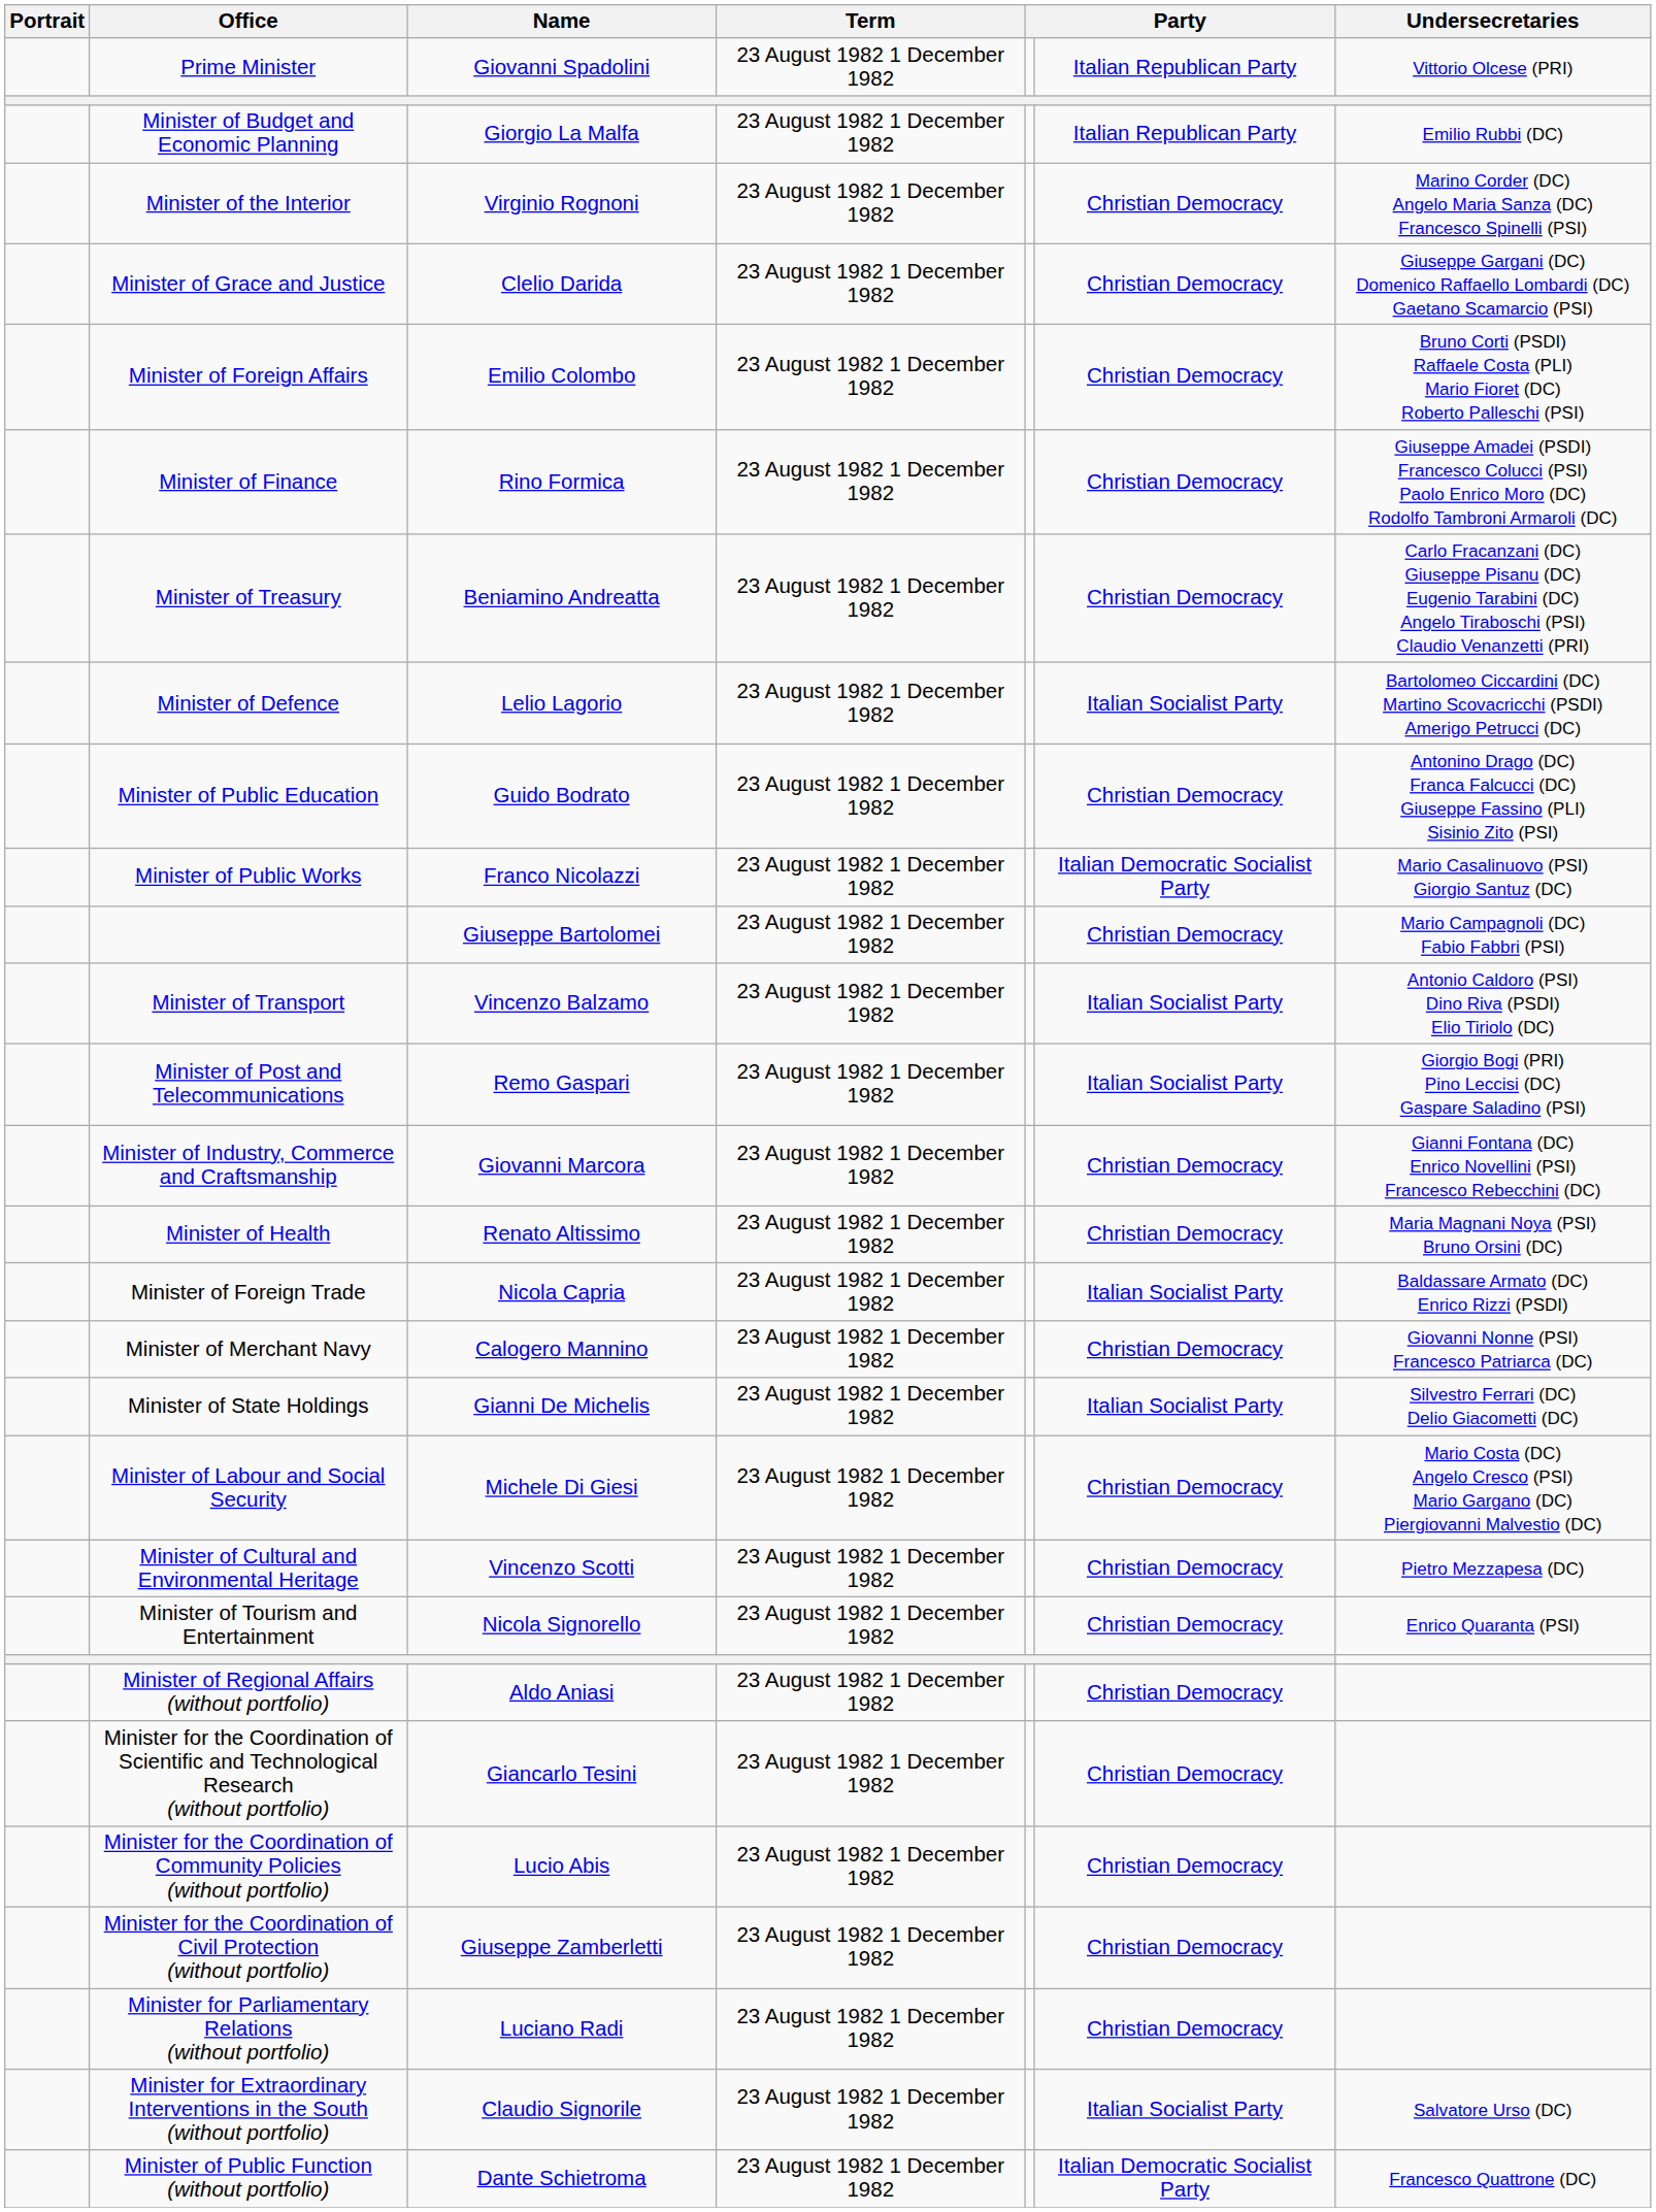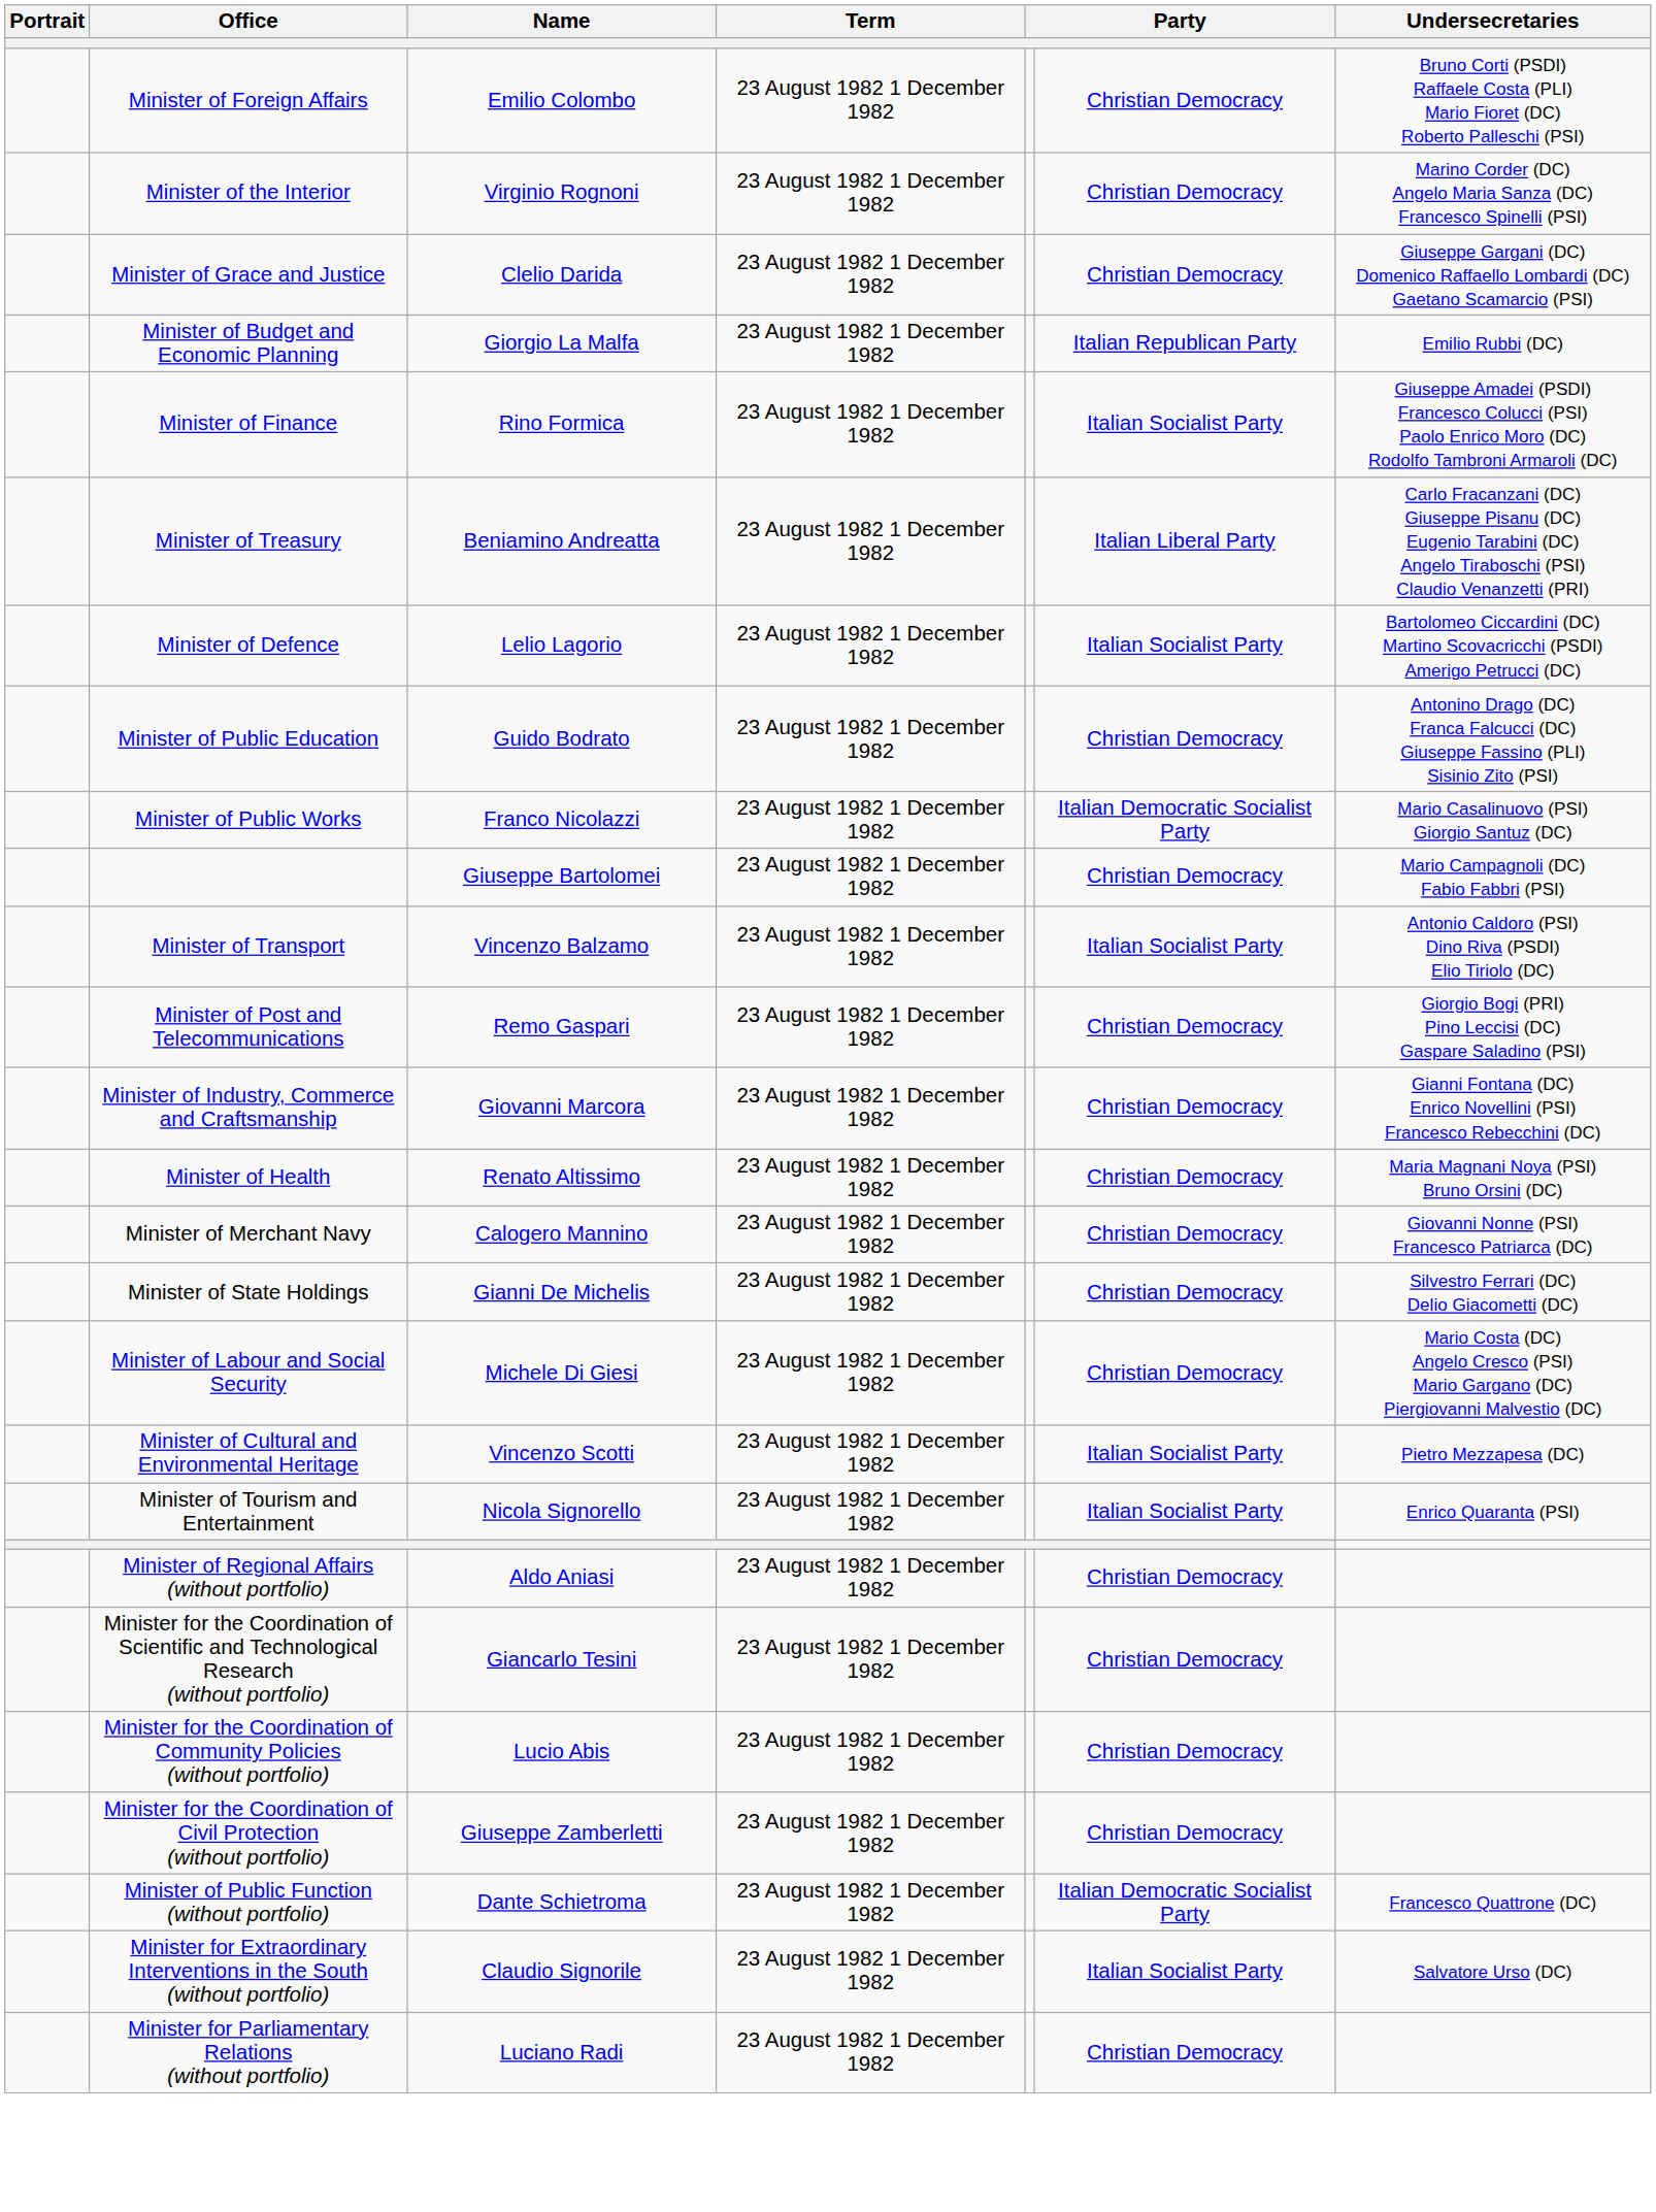 <table class="wikitable" style="text-align:center">
 <tr>
 <th>Portrait</th>
 <th width=20%>Office</th>
 <th width=20%>Name</th>
 <th width=20%>Term</th>
 <th width=20% colspan=2>Party</th>
 <th width=20%>Undersecretaries</th>
 </tr>
 <tr>
-<td></td>
-<td><a href='#'>Prime Minister</a></td>
-<td><a href='#'>Giovanni Spadolini</a></td>
-<td>23 August 1982  1 December 1982</td>
-<td style="background:"></td>
-<td><a href='#'>Italian Republican Party</a></td>
-<td><small><a href='#'>Vittorio Olcese</a> (PRI)</small></td>
-</tr>
-<tr>
 <th colspan="7"></th>
 </tr>
 <tr>
 <td></td>
-<td><a href='#'>Minister of Budget and Economic Planning</a></td>
-<td><a href='#'>Giorgio La Malfa</a></td>
+<td><a href='#'>Minister of Foreign Affairs</a></td>
+<td><a href='#'>Emilio Colombo</a></td>
 <td>23 August 1982  1 December 1982</td>
 <td style="background:"></td>
-<td><a href='#'>Italian Republican Party</a></td>
-<td><small><a href='#'>Emilio Rubbi</a> (DC)</small></td>
+<td><a href='#'>Christian Democracy</a></td>
+<td><small><a href='#'>Bruno Corti</a> (PSDI) <br> <a href='#'>Raffaele Costa</a> (PLI) <br> <a href='#'>Mario Fioret</a> (DC) <br> <a href='#'>Roberto Palleschi</a> (PSI)</small></td>
 </tr>
 <tr>
 <td></td>
 <td><a href='#'>Minister of the Interior</a></td>
 <td><a href='#'>Virginio Rognoni</a></td>
 <td>23 August 1982  1 December 1982</td>
 <td style="background:"></td>
 <td><a href='#'>Christian Democracy</a></td>
 <td><small><a href='#'>Marino Corder</a> (DC) <br> <a href='#'>Angelo Maria Sanza</a> (DC) <br> <a href='#'>Francesco Spinelli</a> (PSI)</small></td>
 </tr>
 <tr>
 <td></td>
 <td><a href='#'>Minister of Grace and Justice</a></td>
 <td><a href='#'>Clelio Darida</a></td>
 <td>23 August 1982  1 December 1982</td>
 <td style="background:"></td>
 <td><a href='#'>Christian Democracy</a></td>
 <td><small><a href='#'>Giuseppe Gargani</a> (DC) <br> <a href='#'>Domenico Raffaello Lombardi</a> (DC) <br> <a href='#'>Gaetano Scamarcio</a> (PSI)</small></td>
 </tr>
 <tr>
 <td></td>
-<td><a href='#'>Minister of Foreign Affairs</a></td>
-<td><a href='#'>Emilio Colombo</a></td>
+<td><a href='#'>Minister of Budget and Economic Planning</a></td>
+<td><a href='#'>Giorgio La Malfa</a></td>
 <td>23 August 1982  1 December 1982</td>
 <td style="background:"></td>
-<td><a href='#'>Christian Democracy</a></td>
-<td><small><a href='#'>Bruno Corti</a> (PSDI) <br> <a href='#'>Raffaele Costa</a> (PLI) <br> <a href='#'>Mario Fioret</a> (DC) <br> <a href='#'>Roberto Palleschi</a> (PSI)</small></td>
+<td><a href='#'>Italian Republican Party</a></td>
+<td><small><a href='#'>Emilio Rubbi</a> (DC)</small></td>
 </tr>
 <tr>
 <td></td>
 <td><a href='#'>Minister of Finance</a></td>
 <td><a href='#'>Rino Formica</a></td>
 <td>23 August 1982  1 December 1982</td>
 <td style="background:"></td>
-<td><a href='#'>Christian Democracy</a></td>
+<td><a href='#'>Italian Socialist Party</a></td>
 <td><small><a href='#'>Giuseppe Amadei</a> (PSDI) <br> <a href='#'>Francesco Colucci</a> (PSI) <br> <a href='#'>Paolo Enrico Moro</a> (DC) <br> <a href='#'>Rodolfo Tambroni Armaroli</a> (DC)</small></td>
 </tr>
 <tr>
 <td></td>
 <td><a href='#'>Minister of Treasury</a></td>
 <td><a href='#'>Beniamino Andreatta</a></td>
 <td>23 August 1982  1 December 1982</td>
 <td style="background:"></td>
-<td><a href='#'>Christian Democracy</a></td>
+<td><a href='#'>Italian Liberal Party</a></td>
 <td><small><a href='#'>Carlo Fracanzani</a> (DC) <br> <a href='#'>Giuseppe Pisanu</a> (DC) <br> <a href='#'>Eugenio Tarabini</a> (DC) <br> <a href='#'>Angelo Tiraboschi</a> (PSI) <br> <a href='#'>Claudio Venanzetti</a> (PRI)</small></td>
 </tr>
 <tr>
 <td></td>
 <td><a href='#'>Minister of Defence</a></td>
 <td><a href='#'>Lelio Lagorio</a></td>
 <td>23 August 1982  1 December 1982</td>
 <td style="background:"></td>
 <td><a href='#'>Italian Socialist Party</a></td>
 <td><small><a href='#'>Bartolomeo Ciccardini</a> (DC) <br> <a href='#'>Martino Scovacricchi</a> (PSDI) <br> <a href='#'>Amerigo Petrucci</a> (DC)</small></td>
 </tr>
 <tr>
 <td></td>
 <td><a href='#'>Minister of Public Education</a></td>
 <td><a href='#'>Guido Bodrato</a></td>
 <td>23 August 1982  1 December 1982</td>
 <td style="background:"></td>
 <td><a href='#'>Christian Democracy</a></td>
 <td><small><a href='#'>Antonino Drago</a> (DC) <br> <a href='#'>Franca Falcucci</a> (DC) <br> <a href='#'>Giuseppe Fassino</a> (PLI) <br> <a href='#'>Sisinio Zito</a> (PSI)</small></td>
 </tr>
 <tr>
 <td></td>
 <td><a href='#'>Minister of Public Works</a></td>
 <td><a href='#'>Franco Nicolazzi</a></td>
 <td>23 August 1982  1 December 1982</td>
 <td style="background:"></td>
 <td><a href='#'>Italian Democratic Socialist Party</a></td>
 <td><small><a href='#'>Mario Casalinuovo</a> (PSI) <br> <a href='#'>Giorgio Santuz</a> (DC)</small></td>
 </tr>
 <tr>
 <td></td>
 <td></td>
 <td><a href='#'>Giuseppe Bartolomei</a></td>
 <td>23 August 1982  1 December 1982</td>
 <td style="background:"></td>
 <td><a href='#'>Christian Democracy</a></td>
 <td><small><a href='#'>Mario Campagnoli</a> (DC) <br> <a href='#'>Fabio Fabbri</a> (PSI)</small></td>
 </tr>
 <tr>
 <td></td>
 <td><a href='#'>Minister of Transport</a></td>
 <td><a href='#'>Vincenzo Balzamo</a></td>
 <td>23 August 1982  1 December 1982</td>
 <td style="background:"></td>
 <td><a href='#'>Italian Socialist Party</a></td>
 <td><small><a href='#'>Antonio Caldoro</a> (PSI) <br> <a href='#'>Dino Riva</a> (PSDI) <br> <a href='#'>Elio Tiriolo</a> (DC)</small></td>
 </tr>
 <tr>
 <td></td>
 <td><a href='#'>Minister of Post and Telecommunications</a></td>
 <td><a href='#'>Remo Gaspari</a></td>
 <td>23 August 1982  1 December 1982</td>
 <td style="background:"></td>
-<td><a href='#'>Italian Socialist Party</a></td>
+<td><a href='#'>Christian Democracy</a></td>
 <td><small><a href='#'>Giorgio Bogi</a> (PRI) <br> <a href='#'>Pino Leccisi</a> (DC) <br> <a href='#'>Gaspare Saladino</a> (PSI)</small></td>
 </tr>
 <tr>
 <td></td>
 <td><a href='#'>Minister of Industry, Commerce and Craftsmanship</a></td>
 <td><a href='#'>Giovanni Marcora</a></td>
 <td>23 August 1982  1 December 1982</td>
 <td style="background:"></td>
 <td><a href='#'>Christian Democracy</a></td>
 <td><small><a href='#'>Gianni Fontana</a> (DC) <br> <a href='#'>Enrico Novellini</a> (PSI) <br> <a href='#'>Francesco Rebecchini</a> (DC)</small></td>
 </tr>
 <tr>
 <td></td>
 <td><a href='#'>Minister of Health</a></td>
 <td><a href='#'>Renato Altissimo</a></td>
 <td>23 August 1982  1 December 1982</td>
 <td style="background:"></td>
 <td><a href='#'>Christian Democracy</a></td>
 <td><small><a href='#'>Maria Magnani Noya</a> (PSI) <br> <a href='#'>Bruno Orsini</a> (DC)</small></td>
 </tr>
 <tr>
 <td></td>
-<td>Minister of Foreign Trade</td>
-<td><a href='#'>Nicola Capria</a></td>
-<td>23 August 1982  1 December 1982</td>
-<td style="background:"></td>
-<td><a href='#'>Italian Socialist Party</a></td>
-<td><small><a href='#'>Baldassare Armato</a> (DC) <br> <a href='#'>Enrico Rizzi</a> (PSDI)</small></td>
-</tr>
-<tr>
-<td></td>
 <td>Minister of Merchant Navy</td>
 <td><a href='#'>Calogero Mannino</a></td>
 <td>23 August 1982  1 December 1982</td>
 <td style="background:"></td>
 <td><a href='#'>Christian Democracy</a></td>
 <td><small><a href='#'>Giovanni Nonne</a> (PSI) <br> <a href='#'>Francesco Patriarca</a> (DC)</small></td>
 </tr>
 <tr>
 <td></td>
 <td>Minister of State Holdings</td>
 <td><a href='#'>Gianni De Michelis</a></td>
 <td>23 August 1982  1 December 1982</td>
 <td style="background:"></td>
-<td><a href='#'>Italian Socialist Party</a></td>
+<td><a href='#'>Christian Democracy</a></td>
 <td><small><a href='#'>Silvestro Ferrari</a> (DC) <br> <a href='#'>Delio Giacometti</a> (DC)</small></td>
 </tr>
 <tr>
 <td></td>
 <td><a href='#'>Minister of Labour and Social Security</a></td>
 <td><a href='#'>Michele Di Giesi</a></td>
 <td>23 August 1982  1 December 1982</td>
 <td style="background:"></td>
 <td><a href='#'>Christian Democracy</a></td>
 <td><small><a href='#'>Mario Costa</a> (DC) <br> <a href='#'>Angelo Cresco</a> (PSI) <br> <a href='#'>Mario Gargano</a> (DC) <br> <a href='#'>Piergiovanni Malvestio</a> (DC)</small></td>
 </tr>
 <tr>
 <td></td>
 <td><a href='#'>Minister of Cultural and Environmental Heritage</a></td>
 <td><a href='#'>Vincenzo Scotti</a></td>
 <td>23 August 1982  1 December 1982</td>
 <td style="background:"></td>
-<td><a href='#'>Christian Democracy</a></td>
+<td><a href='#'>Italian Socialist Party</a></td>
 <td><small><a href='#'>Pietro Mezzapesa</a> (DC)</small></td>
 </tr>
 <tr>
 <td></td>
 <td>Minister of Tourism and Entertainment</td>
 <td><a href='#'>Nicola Signorello</a></td>
 <td>23 August 1982  1 December 1982</td>
 <td style="background:"></td>
-<td><a href='#'>Christian Democracy</a></td>
+<td><a href='#'>Italian Socialist Party</a></td>
 <td><small><a href='#'>Enrico Quaranta</a> (PSI)</small></td>
 </tr>
 <tr>
 <th colspan="6"></th>
 </tr>
 <tr>
 <td></td>
 <td><a href='#'>Minister of Regional Affairs</a> <br> <em>(without portfolio)</em></td>
 <td><a href='#'>Aldo Aniasi</a></td>
 <td>23 August 1982  1 December 1982</td>
 <td style="background:"></td>
 <td><a href='#'>Christian Democracy</a></td>
 <td></td>
 </tr>
 <tr>
 <td></td>
 <td>Minister for the Coordination of Scientific and Technological Research <br> <em>(without portfolio)</em></td>
 <td><a href='#'>Giancarlo Tesini</a></td>
 <td>23 August 1982  1 December 1982</td>
 <td style="background:"></td>
 <td><a href='#'>Christian Democracy</a></td>
 <td></td>
 </tr>
 <tr>
 <td></td>
 <td><a href='#'>Minister for the Coordination of Community Policies</a> <br> <em>(without portfolio)</em></td>
 <td><a href='#'>Lucio Abis</a></td>
 <td>23 August 1982  1 December 1982</td>
 <td style="background:"></td>
 <td><a href='#'>Christian Democracy</a></td>
 <td></td>
 </tr>
 <tr>
 <td></td>
 <td><a href='#'>Minister for the Coordination of Civil Protection</a> <br> <em>(without portfolio)</em></td>
 <td><a href='#'>Giuseppe Zamberletti</a></td>
 <td>23 August 1982  1 December 1982</td>
 <td style="background:"></td>
 <td><a href='#'>Christian Democracy</a></td>
 <td></td>
 </tr>
 <tr>
 <td></td>
-<td><a href='#'>Minister for Parliamentary Relations</a> <br> <em>(without portfolio)</em></td>
-<td><a href='#'>Luciano Radi</a></td>
+<td><a href='#'>Minister of Public Function</a> <br> <em>(without portfolio)</em></td>
+<td><a href='#'>Dante Schietroma</a></td>
 <td>23 August 1982  1 December 1982</td>
 <td style="background:"></td>
-<td><a href='#'>Christian Democracy</a></td>
-<td></td>
+<td><a href='#'>Italian Democratic Socialist Party</a></td>
+<td><small><a href='#'>Francesco Quattrone</a> (DC)</small></td>
 </tr>
 <tr>
 <td></td>
 <td><a href='#'>Minister for Extraordinary Interventions in the South</a> <br> <em>(without portfolio)</em></td>
 <td><a href='#'>Claudio Signorile</a></td>
 <td>23 August 1982  1 December 1982</td>
 <td style="background:"></td>
 <td><a href='#'>Italian Socialist Party</a></td>
 <td><small><a href='#'>Salvatore Urso</a> (DC)</small></td>
 </tr>
 <tr>
 <td></td>
-<td><a href='#'>Minister of Public Function</a> <br> <em>(without portfolio)</em></td>
-<td><a href='#'>Dante Schietroma</a></td>
+<td><a href='#'>Minister for Parliamentary Relations</a> <br> <em>(without portfolio)</em></td>
+<td><a href='#'>Luciano Radi</a></td>
 <td>23 August 1982  1 December 1982</td>
 <td style="background:"></td>
-<td><a href='#'>Italian Democratic Socialist Party</a></td>
-<td><small><a href='#'>Francesco Quattrone</a> (DC)</small></td>
+<td><a href='#'>Christian Democracy</a></td>
+<td></td>
 </tr>
 </table>
